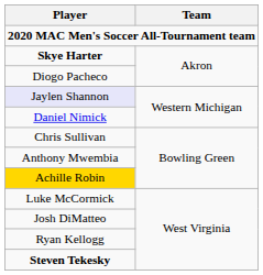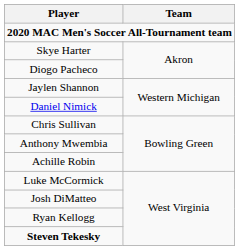 <table class="wikitable" style="white-space:nowrap; font-size:90%; text-align: center;">
 <tr>
 <th>Player</th>
 <th>Team</th>
 </tr>
 <tr>
 <td colspan="2"><strong>2020 MAC Men's Soccer All-Tournament team</strong></td>
 </tr>
 <tr>
-<td><strong>Skye Harter</strong></td>
+<td>Skye Harter</td>
 <td rowspan="2">Akron</td>
 </tr>
 <tr>
 <td>Diogo Pacheco</td>
 </tr>
 <tr>
-<td style="background: lavender;">Jaylen Shannon</td>
+<td>Jaylen Shannon</td>
 <td rowspan="2">Western Michigan</td>
 </tr>
 <tr>
 <td><a href='#'>Daniel Nimick</a></td>
 </tr>
 <tr>
 <td>Chris Sullivan</td>
 <td rowspan="3">Bowling Green</td>
 </tr>
 <tr>
 <td>Anthony Mwembia</td>
 </tr>
 <tr>
-<td style="background: gold;">Achille Robin</td>
+<td>Achille Robin</td>
 </tr>
 <tr>
 <td>Luke McCormick</td>
 <td rowspan="4">West Virginia</td>
 </tr>
 <tr>
 <td>Josh DiMatteo</td>
 </tr>
 <tr>
 <td>Ryan Kellogg</td>
 </tr>
 <tr>
 <td><strong>Steven Tekesky</strong></td>
 </tr>
 </table>
